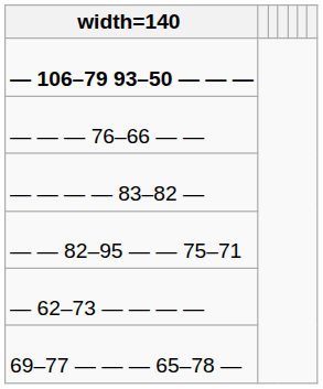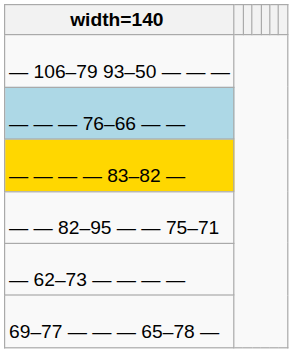 <table class="wikitable" style="text-align:center;">
 <tr>
 <th>width=140 </th>
 <th></th>
 <th></th>
 <th></th>
 <th></th>
 <th></th>
 <th></th>
 </tr>
 <tr>
-<td style="text-align:left;"><strong><br> —  106–79  93–50  —  —  —</strong></td>
+<td style="text-align:left;"><br> —  106–79  93–50  —  —  —</td>
 </tr>
 <tr>
-<td style="text-align:left;"><br> —  —  —  76–66  —  —</td>
+<td style="background: lightblue; text-align:left;"><br> —  —  —  76–66  —  —</td>
 </tr>
 <tr>
-<td style="text-align:left;"><br> —  —  —  —  83–82  —</td>
+<td style="background: gold; text-align:left;"><br> —  —  —  —  83–82  —</td>
 </tr>
 <tr>
 <td style="text-align:left;"><br> —  —  82–95  —  —  75–71</td>
 </tr>
 <tr>
 <td style="text-align:left;"><br> —  62–73  —  —  —  —</td>
 </tr>
 <tr>
 <td style="text-align:left;"><br> 69–77  —  —  —  65–78  —</td>
 </tr>
 </table>
